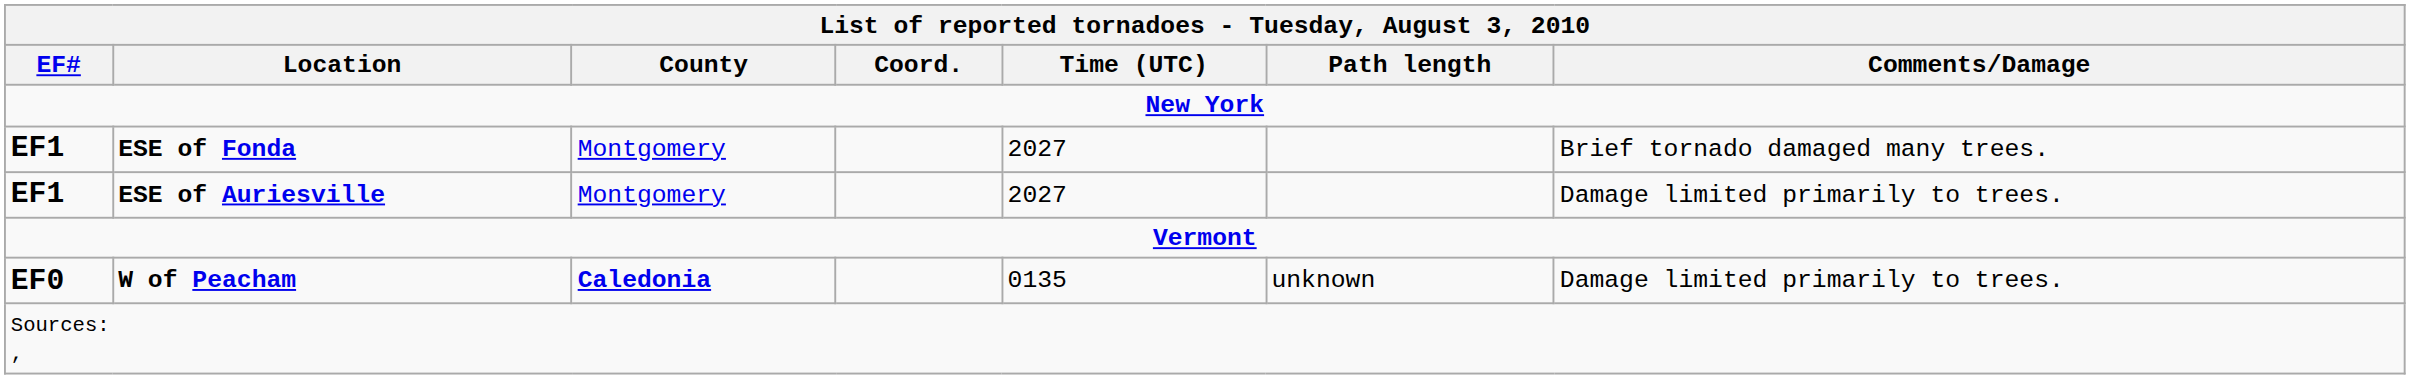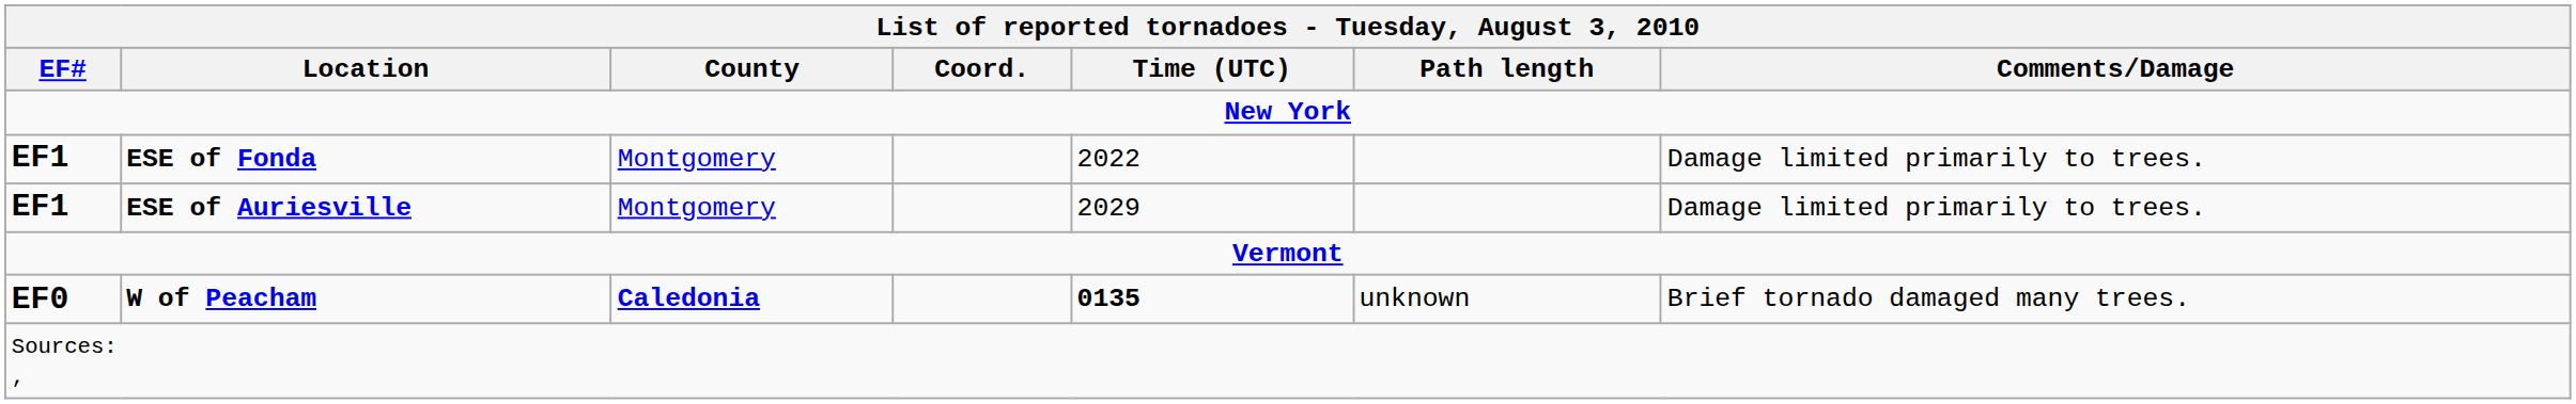 <table class="wikitable collapsible" width="100%">
 <tr>
 <th colspan="7">List of reported tornadoes - Tuesday, August 3, 2010</th>
 </tr>
 <tr>
 <th><a href='#'>EF#</a></th>
 <th>Location</th>
 <th>County</th>
 <th>Coord.</th>
 <th>Time (UTC)</th>
 <th>Path length</th>
 <th>Comments/Damage</th>
 </tr>
 <tr>
 <td colspan="7" align=center><strong><a href='#'>New York</a></strong></td>
 </tr>
 <tr>
 <td><big><strong>EF1</strong></big></td>
 <td><strong>ESE of <a href='#'>Fonda</a></strong></td>
 <td><a href='#'>Montgomery</a></td>
 <td></td>
-<td>2027</td>
+<td>2022</td>
 <td></td>
-<td>Brief tornado damaged many trees.</td>
+<td>Damage limited primarily to trees.</td>
 </tr>
 <tr>
 <td><big><strong>EF1</strong></big></td>
 <td><strong>ESE of <a href='#'>Auriesville</a></strong></td>
 <td><a href='#'>Montgomery</a></td>
 <td></td>
-<td>2027</td>
+<td>2029</td>
 <td></td>
 <td>Damage limited primarily to trees.</td>
 </tr>
 <tr>
 <td colspan="7" align=center><strong><a href='#'>Vermont</a></strong></td>
 </tr>
 <tr>
 <td><big><strong>EF0</strong></big></td>
 <td><strong>W of <a href='#'>Peacham</a></strong></td>
 <td><strong><a href='#'>Caledonia</a></strong></td>
 <td></td>
-<td>0135</td>
+<td><strong>0135</strong></td>
 <td>unknown</td>
-<td>Damage limited primarily to trees.</td>
+<td>Brief tornado damaged many trees.</td>
 </tr>
 <tr>
 <td colspan="7"><small>Sources:<br>, </small></td>
 </tr>
 </table>
